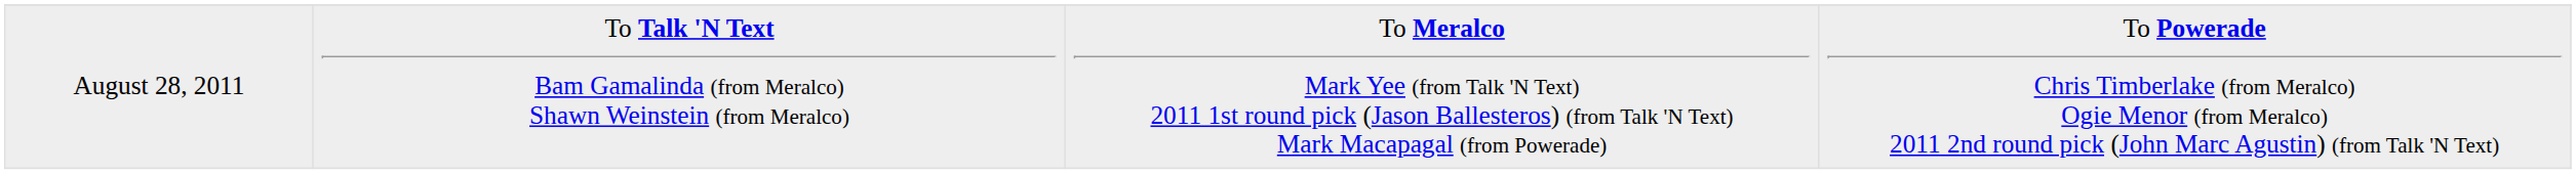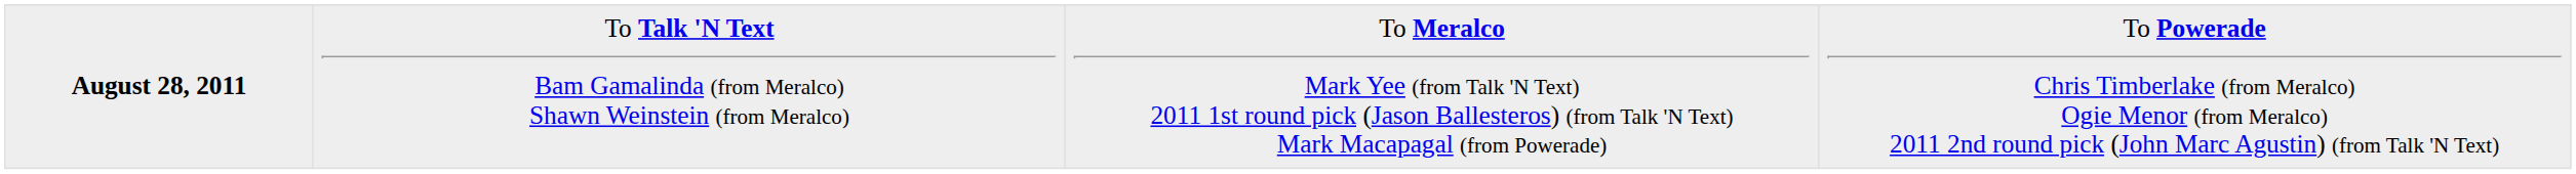 <table border=1 style="border-collapse:collapse; text-align: center; width: 100%" bordercolor="#DFDFDF"  cellpadding="5">
 <tr>
 </tr>
 <tr bgcolor="eeeeee">
-<td style="width:12%">August 28, 2011</td>
+<td style="width:12%"><strong>August 28, 2011</strong></td>
 <td style="width:29.3%" valign="top">To <strong><a href='#'>Talk 'N Text</a></strong><hr><a href='#'>Bam Gamalinda</a> <small>(from Meralco)</small> <br> <a href='#'>Shawn Weinstein</a> <small>(from Meralco)</small></td>
 <td style="width:29.3%" valign="top">To <strong><a href='#'>Meralco</a></strong><hr><a href='#'>Mark Yee</a> <small>(from Talk 'N Text)</small> <br> <a href='#'>2011 1st round pick</a> (<a href='#'>Jason Ballesteros</a>) <small>(from Talk 'N Text)</small><br><a href='#'>Mark Macapagal</a> <small>(from Powerade)</small></td>
 <td style="width:29.3%" valign="top">To <strong><a href='#'>Powerade</a></strong><hr><a href='#'>Chris Timberlake</a>  <small>(from Meralco)</small> <br> <a href='#'>Ogie Menor</a>  <small>(from Meralco)</small> <br> <a href='#'>2011 2nd round pick</a> (<a href='#'>John Marc Agustin</a>) <small>(from Talk 'N Text)</small></td>
 </tr>
 </table>
